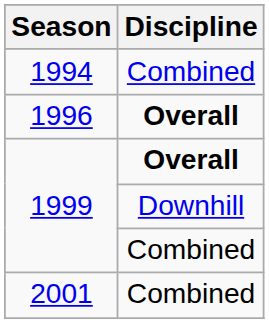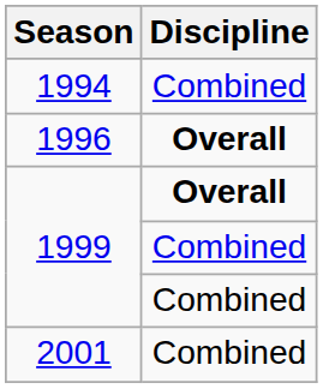 <table class="wikitable">
 <tr>
 <th>Season</th>
 <th>Discipline</th>
 </tr>
 <tr>
 <td align=center><a href='#'>1994</a></td>
 <td align=center><a href='#'>Combined</a></td>
 </tr>
 <tr>
 <td align=center><a href='#'>1996</a></td>
 <td align=center><strong>Overall</strong></td>
 </tr>
 <tr>
 <td rowspan=3 align=center><a href='#'>1999</a></td>
 <td align=center><strong>Overall</strong></td>
 </tr>
 <tr>
-<td align=center><a href='#'>Downhill</a></td>
+<td align=center><a href='#'>Combined</a></td>
 </tr>
 <tr>
 <td align=center>Combined</td>
 </tr>
 <tr>
 <td align=center><a href='#'>2001</a></td>
 <td align=center>Combined</td>
 </tr>
 </table>
